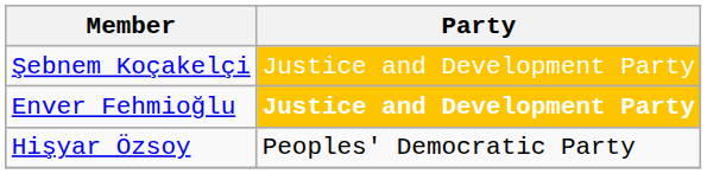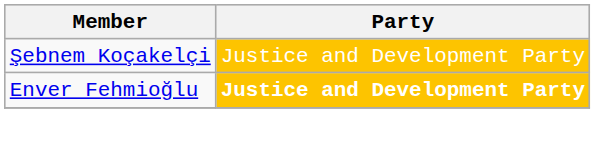 <table class="wikitable">
 <tr>
 <th>Member</th>
 <th>Party</th>
 </tr>
 <tr>
 <td><a href='#'>Şebnem Koçakelçi</a></td>
 <td style="background:#FDC400; color:white">Justice and Development Party</td>
 </tr>
 <tr>
 <td><a href='#'>Enver Fehmioğlu</a></td>
 <td style="background:#FDC400; color:white"><strong>Justice and Development Party</strong></td>
 </tr>
 <tr>
-<td><a href='#'>Hişyar Özsoy</a></td>
-<td style="background:">Peoples' Democratic Party</td>
-</tr>
-<tr>
 </tr>
 </table>
